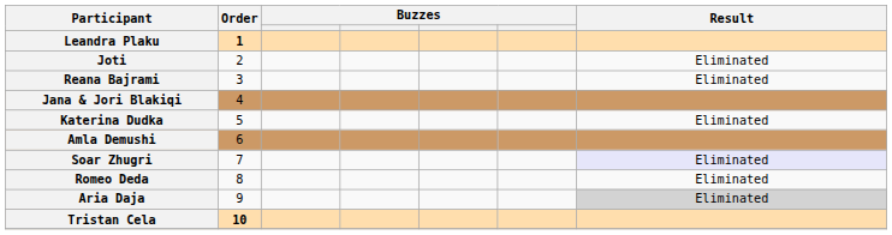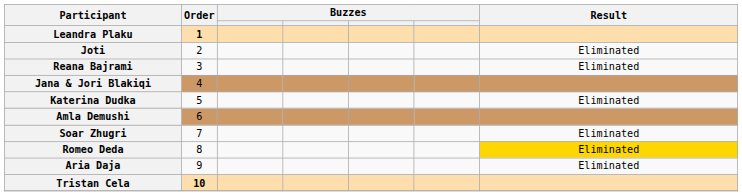 <table class="wikitable plainrowheaders sortable" style="text-align:center;">
 <tr>
 <th scope="col" rowspan="2" class="unsortable" style="width:17em;">Participant</th>
 <th scope="col" rowspan="2" style="width:1em;">Order</th>
 <th scope="col" colspan="4" class="unsortable" style="width:24em;">Buzzes</th>
 <th scope="col" rowspan="2" style="width:25em;">Result</th>
 </tr>
 <tr>
 <th scope="col" class="unsortable" style="width:6em;"></th>
 <th scope="col" class="unsortable" style="width:6em;"></th>
 <th scope="col" class="unsortable" style="width:6em;"></th>
 <th scope="col" class="unsortable" style="width:6em;"></th>
 </tr>
 <tr bgcolor=navajowhite>
 <th scope="row"><strong>Leandra Plaku</strong></th>
 <td><strong>1</strong></td>
 <td style="text-align:center;"></td>
 <td style="text-align:center;"></td>
 <td style="text-align:center;"></td>
 <td style="text-align:center;"></td>
 <td><strong></strong></td>
 </tr>
 <tr>
 <th scope="row">Joti</th>
 <td>2</td>
 <td style="text-align:center;"></td>
 <td style="text-align:center;"></td>
 <td style="text-align:center;"></td>
 <td style="text-align:center;"></td>
 <td>Eliminated</td>
 </tr>
 <tr>
 <th scope="row">Reana Bajrami</th>
 <td>3</td>
 <td style="text-align:center;"></td>
 <td style="text-align:center;"></td>
 <td style="text-align:center;"></td>
 <td style="text-align:center;"></td>
 <td>Eliminated</td>
 </tr>
 <tr bgcolor=#c96>
 <th scope="row">Jana & Jori Blakiqi</th>
 <td>4</td>
 <td style="text-align:center;"></td>
 <td style="text-align:center;"></td>
 <td style="text-align:center;"></td>
 <td style="text-align:center;"></td>
 <td></td>
 </tr>
 <tr>
 <th scope="row">Katerina Dudka</th>
 <td>5</td>
 <td style="text-align:center;"></td>
 <td style="text-align:center;"></td>
 <td style="text-align:center;"></td>
 <td style="text-align:center;"></td>
 <td>Eliminated</td>
 </tr>
 <tr bgcolor=#c96>
 <th scope="row">Amla Demushi</th>
 <td>6</td>
 <td style="text-align:center;"></td>
 <td style="text-align:center;"></td>
 <td style="text-align:center;"></td>
 <td style="text-align:center;"></td>
 <td></td>
 </tr>
 <tr>
 <th scope="row">Soar Zhugri</th>
 <td>7</td>
 <td style="text-align:center;"></td>
 <td style="text-align:center;"></td>
 <td style="text-align:center;"></td>
 <td style="text-align:center;"></td>
-<td style="background: lavender;">Eliminated</td>
+<td>Eliminated</td>
 </tr>
 <tr>
 <th scope="row">Romeo Deda</th>
 <td>8</td>
 <td style="text-align:center;"></td>
 <td style="text-align:center;"></td>
 <td style="text-align:center;"></td>
 <td style="text-align:center;"></td>
-<td>Eliminated</td>
+<td style="background: gold;">Eliminated</td>
 </tr>
 <tr>
 <th scope="row">Aria Daja</th>
 <td>9</td>
 <td style="text-align:center;"></td>
 <td style="text-align:center;"></td>
 <td style="text-align:center;"></td>
 <td style="text-align:center;"></td>
-<td style="background: lightgrey;">Eliminated</td>
+<td>Eliminated</td>
 </tr>
 <tr bgcolor=navajowhite>
 <th scope="row"><strong>Tristan Cela</strong></th>
 <td><strong>10</strong></td>
 <td style="text-align:center;"></td>
 <td style="text-align:center;"></td>
 <td style="text-align:center;"></td>
 <td style="text-align:center;"></td>
 <td><strong></strong></td>
 </tr>
 <tr>
 </tr>
 </table>
